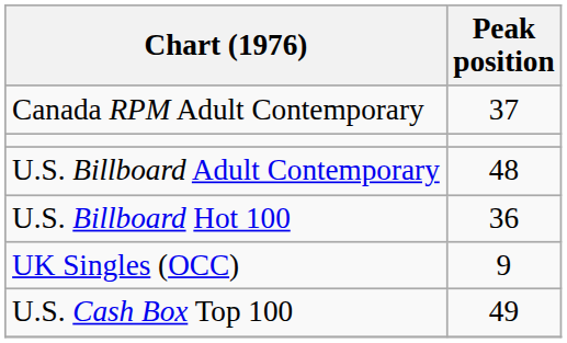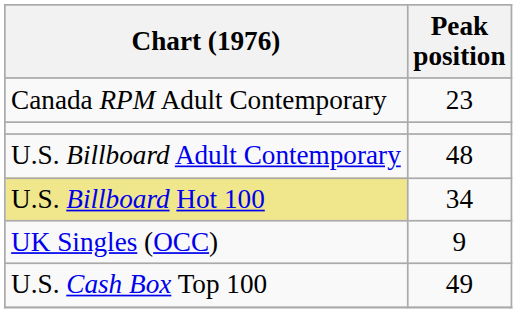 <table class="wikitable sortable">
 <tr>
 <th>Chart (1976)</th>
 <th>Peak<br>position</th>
 </tr>
 <tr>
 <td>Canada <em>RPM</em> Adult Contemporary</td>
-<td style="text-align:center;">37</td>
+<td style="text-align:center;">23</td>
 </tr>
 <tr>
 <td></td>
 </tr>
 <tr>
 <td>U.S. <em>Billboard</em> <a href='#'>Adult Contemporary</a></td>
 <td style="text-align:center;">48</td>
 </tr>
 <tr>
-<td>U.S. <em><a href='#'>Billboard</a></em> <a href='#'>Hot 100</a></td>
-<td style="text-align:center;">36</td>
+<td style="background: khaki;">U.S. <em><a href='#'>Billboard</a></em> <a href='#'>Hot 100</a></td>
+<td style="text-align:center;">34</td>
 </tr>
 <tr>
 <td><a href='#'>UK Singles</a> (<a href='#'>OCC</a>)</td>
 <td style="text-align:center;">9</td>
 </tr>
 <tr>
 <td>U.S. <a href='#'><em>Cash Box</em></a> Top 100</td>
 <td align="center">49</td>
 </tr>
 <tr>
 </tr>
 </table>
